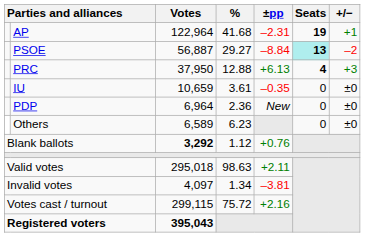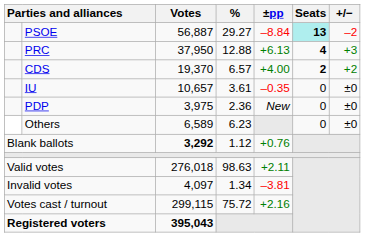 <table class="wikitable" style="text-align:right;">
 <tr>
 <th style="text-align:left;" colspan="2" width="200">Parties and alliances</th>
 <th width="75">Votes</th>
 <th width="45">%</th>
 <th width="45">±<a href='#'>pp</a></th>
 <th width="35">Seats</th>
 <th width="35">+/−</th>
-</tr>
-<tr>
-<td width="1" style="color:inherit;background:"></td>
-<td align="left"><a href='#'>AP</a></td>
-<td>122,964</td>
-<td>41.68</td>
-<td style="color:red;">–2.31</td>
-<td><strong>19</strong></td>
-<td style="color:green;">+1</td>
 </tr>
 <tr>
 <td style="color:inherit;background:"></td>
 <td align="left"><a href='#'>PSOE</a></td>
 <td>56,887</td>
 <td>29.27</td>
 <td style="color:red;">–8.84</td>
 <td style="background: paleturquoise;"><strong>13</strong></td>
 <td style="color:red;">–2</td>
 </tr>
 <tr>
 <td style="color:inherit;background:"></td>
 <td align="left"><a href='#'>PRC</a></td>
 <td>37,950</td>
 <td>12.88</td>
 <td style="color:green;">+6.13</td>
 <td><strong>4</strong></td>
 <td style="color:green;">+3</td>
 </tr>
 <tr>
 <td style="color:inherit;background:"></td>
+<td align="left"><a href='#'>CDS</a></td>
+<td>19,370</td>
+<td>6.57</td>
+<td style="color:green;">+4.00</td>
+<td><strong>2</strong></td>
+<td style="color:green;">+2</td>
+</tr>
+<tr>
+<td style="color:inherit;background:"></td>
 <td align="left"><a href='#'>IU</a></td>
-<td>10,659</td>
+<td>10,657</td>
 <td>3.61</td>
 <td style="color:red;">–0.35</td>
 <td>0</td>
 <td>±0</td>
 </tr>
 <tr>
 <td style="color:inherit;background:"></td>
 <td align="left"><a href='#'>PDP</a></td>
-<td>6,964</td>
+<td>3,975</td>
 <td>2.36</td>
 <td><em>New</em></td>
 <td>0</td>
 <td>±0</td>
 </tr>
 <tr>
 <td bgcolor="white"></td>
 <td align="left">Others</td>
 <td>6,589</td>
 <td>6.23</td>
 <td bgcolor="#E9E9E9"></td>
 <td>0</td>
 <td>±0</td>
 </tr>
 <tr>
 <td align="left" colspan="2">Blank ballots</td>
 <td><strong>3,292</strong></td>
 <td>1.12</td>
 <td style="color:green;">+0.76</td>
 <td bgcolor="#E9E9E9" colspan="2"></td>
 </tr>
 <tr>
 <td colspan="7" bgcolor="#E9E9E9"></td>
 </tr>
 <tr>
 <td align="left" colspan="2">Valid votes</td>
-<td>295,018</td>
+<td>276,018</td>
 <td>98.63</td>
 <td style="color:green;">+2.11</td>
 <td bgcolor="#E9E9E9" colspan="2" rowspan="4"></td>
 </tr>
 <tr>
 <td align="left" colspan="2">Invalid votes</td>
 <td>4,097</td>
 <td>1.34</td>
 <td style="color:red;">–3.81</td>
 </tr>
 <tr>
 <td align="left" colspan="2">Votes cast / turnout</td>
 <td>299,115</td>
 <td>75.72</td>
 <td style="color:green;">+2.16</td>
 </tr>
 <tr style="font-weight:bold;">
 <td align="left" colspan="2">Registered voters</td>
 <td>395,043</td>
 <td bgcolor="#E9E9E9" colspan="2"></td>
 </tr>
 </table>
